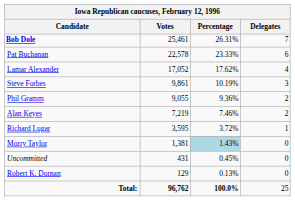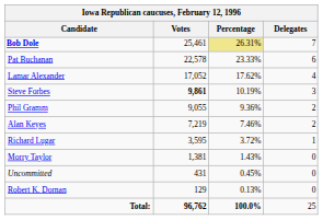 <table class="wikitable" style="font-size:12px;">
 <tr style="background:#e9e9e9;">
 <th colspan="4" style="padding:4px;">Iowa Republican caucuses, February 12, 1996</th>
 </tr>
 <tr>
 <th rowspan="1" style="width:210px; padding:4px;">Candidate</th>
 <th rowspan="1" style="width:75px;">Votes</th>
 <th rowspan="1" style="width:75px;">Percentage</th>
 <th rowspan="1" style="width:75px;">Delegates</th>
 </tr>
 <tr style="text-align:right;">
 <td style="text-align:left;"> <strong><a href='#'>Bob Dole</a></strong></td>
 <td>25,461</td>
-<td>26.31%</td>
+<td style="background: khaki;">26.31%</td>
 <td>7</td>
 </tr>
 <tr style="text-align:right;">
 <td style="text-align:left; padding:4px;"><a href='#'>Pat Buchanan</a></td>
 <td>22,578</td>
 <td>23.33%</td>
 <td>6</td>
 </tr>
 <tr style="text-align:right;">
 <td style="text-align:left; padding:4px;"><a href='#'>Lamar Alexander</a></td>
 <td>17,052</td>
 <td>17.62%</td>
 <td>4</td>
 </tr>
 <tr style="text-align:right;">
 <td style="text-align:left; padding:4px;"><a href='#'>Steve Forbes</a></td>
-<td>9,861</td>
+<td><strong>9,861</strong></td>
 <td>10.19%</td>
 <td>3</td>
 </tr>
 <tr style="text-align:right;">
 <td style="text-align:left; padding:4px;"><a href='#'>Phil Gramm</a></td>
 <td>9,055</td>
 <td>9.36%</td>
 <td>2</td>
 </tr>
 <tr style="text-align:right;">
 <td style="text-align:left; padding:4px;"><a href='#'>Alan Keyes</a></td>
 <td>7,219</td>
 <td>7.46%</td>
 <td>2</td>
 </tr>
 <tr style="text-align:right;">
 <td style="text-align:left; padding:4px;"><a href='#'>Richard Lugar</a></td>
 <td>3,595</td>
 <td>3.72%</td>
 <td>1</td>
 </tr>
 <tr style="text-align:right;">
 <td style="text-align:left; padding:4px;"><a href='#'>Morry Taylor</a></td>
 <td>1,381</td>
-<td style="background: lightblue;">1.43%</td>
+<td>1.43%</td>
 <td>0</td>
 </tr>
 <tr style="text-align:right;">
 <td style="text-align:left; padding:4px;"><em>Uncommitted</em></td>
 <td>431</td>
 <td>0.45%</td>
 <td>0</td>
 </tr>
 <tr style="text-align:right;">
 <td style="text-align:left; padding:4px;"><a href='#'>Robert K. Dornan</a></td>
 <td>129</td>
 <td>0.13%</td>
 <td>0</td>
 </tr>
 <tr style="text-align:right;">
 <td style="padding:4px;"><strong>Total:</strong></td>
 <td><strong>96,762</strong></td>
 <td><strong>100.0%</strong></td>
 <td>25</td>
 </tr>
 </table>
